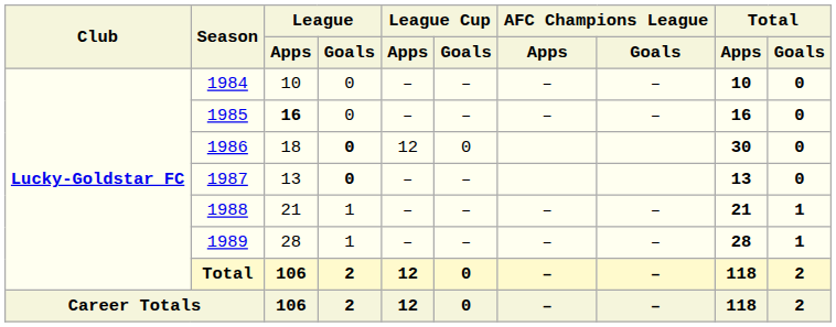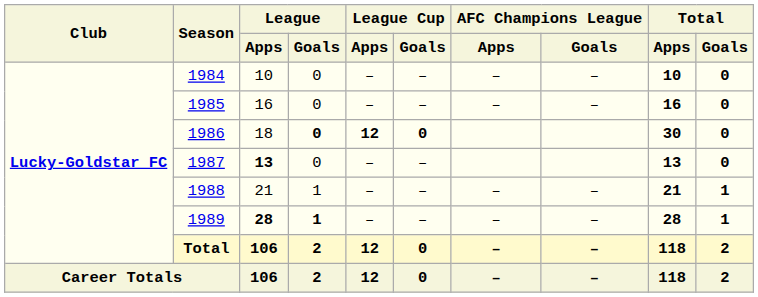 <table border=1 align=center cellpadding=4 cellspacing=2 style="background: ivory; font-size: 95%; border: 1px #aaaaaa solid; border-collapse: collapse; clear:center">
 <tr style="background:beige">
 <th rowspan="2">Club</th>
 <th rowspan="2">Season</th>
 <th colspan="2">League</th>
 <th colspan="2">League Cup</th>
 <th colspan="2">AFC Champions League</th>
 <th colspan="2">Total</th>
 </tr>
 <tr style="background:beige">
 <th>Apps</th>
 <th>Goals</th>
 <th>Apps</th>
 <th>Goals</th>
 <th>Apps</th>
 <th>Goals</th>
 <th>Apps</th>
 <th>Goals</th>
 </tr>
 <tr>
 <td rowspan="7" align=center valign=center><strong><a href='#'>Lucky-Goldstar FC</a></strong></td>
 <td align="center"><a href='#'>1984</a></td>
 <td align="center">10</td>
 <td align="center">0</td>
 <td align="center">–</td>
 <td align="center">–</td>
 <td align="center">–</td>
 <td align="center">–</td>
 <th>10</th>
 <th>0</th>
 </tr>
 <tr>
 <td align="center"><a href='#'>1985</a></td>
-<td align="center"><strong>16</strong></td>
+<td align="center">16</td>
 <td align="center">0</td>
 <td align="center">–</td>
 <td align="center">–</td>
 <td align="center">–</td>
 <td align="center">–</td>
 <th>16</th>
 <th>0</th>
 </tr>
 <tr>
 <td align="center"><a href='#'>1986</a></td>
 <td align="center">18</td>
 <td align="center"><strong>0</strong></td>
-<td align="center">12</td>
-<td align="center">0</td>
+<td align="center"><strong>12</strong></td>
+<td align="center"><strong>0</strong></td>
 <td align="center"></td>
 <td align="center"></td>
 <th>30</th>
 <th>0</th>
 </tr>
 <tr>
 <td align="center"><a href='#'>1987</a></td>
-<td align="center">13</td>
-<td align="center"><strong>0</strong></td>
+<td align="center"><strong>13</strong></td>
+<td align="center">0</td>
 <td align="center">–</td>
 <td align="center">–</td>
 <td align="center"></td>
 <td align="center"></td>
 <th>13</th>
 <th>0</th>
 </tr>
 <tr>
 <td align="center"><a href='#'>1988</a></td>
 <td align="center">21</td>
 <td align="center">1</td>
 <td align="center">–</td>
 <td align="center">–</td>
 <td align="center">–</td>
 <td align="center">–</td>
 <th>21</th>
 <th>1</th>
 </tr>
 <tr>
 <td align="center"><a href='#'>1989</a></td>
-<td align="center">28</td>
-<td align="center">1</td>
+<td align="center"><strong>28</strong></td>
+<td align="center"><strong>1</strong></td>
 <td align="center">–</td>
 <td align="center">–</td>
 <td align="center">–</td>
 <td align="center">–</td>
 <th>28</th>
 <th>1</th>
 </tr>
 <tr style="background:lemonchiffon">
 <th>Total</th>
 <th>106</th>
 <th>2</th>
 <th>12</th>
 <th>0</th>
 <th>–</th>
 <th>–</th>
 <th>118</th>
 <th>2</th>
 </tr>
 <tr style="background:beige">
 <th colspan="2">Career Totals</th>
 <th>106</th>
 <th>2</th>
 <th>12</th>
 <th>0</th>
 <th>–</th>
 <th>–</th>
 <th>118</th>
 <th>2</th>
 </tr>
 </table>
